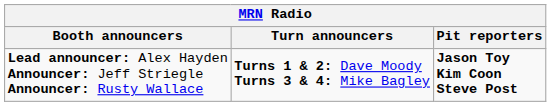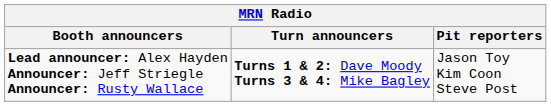 <table class="wikitable" style="font-size: 95%">
 <tr>
 <th colspan="3"><a href='#'>MRN</a> Radio</th>
 </tr>
 <tr>
 <th>Booth announcers</th>
 <th>Turn announcers</th>
 <th>Pit reporters</th>
 </tr>
 <tr>
 <td><strong>Lead announcer:</strong> Alex Hayden<br><strong>Announcer:</strong> Jeff Striegle<br><strong>Announcer:</strong> <a href='#'>Rusty Wallace</a></td>
 <td><strong>Turns 1 & 2:</strong> <a href='#'>Dave Moody</a><br><strong>Turns 3 & 4:</strong> <a href='#'>Mike Bagley</a></td>
-<td><strong>Jason Toy<br>Kim Coon<br>Steve Post</strong></td>
+<td>Jason Toy<br>Kim Coon<br>Steve Post</td>
 </tr>
 </table>
